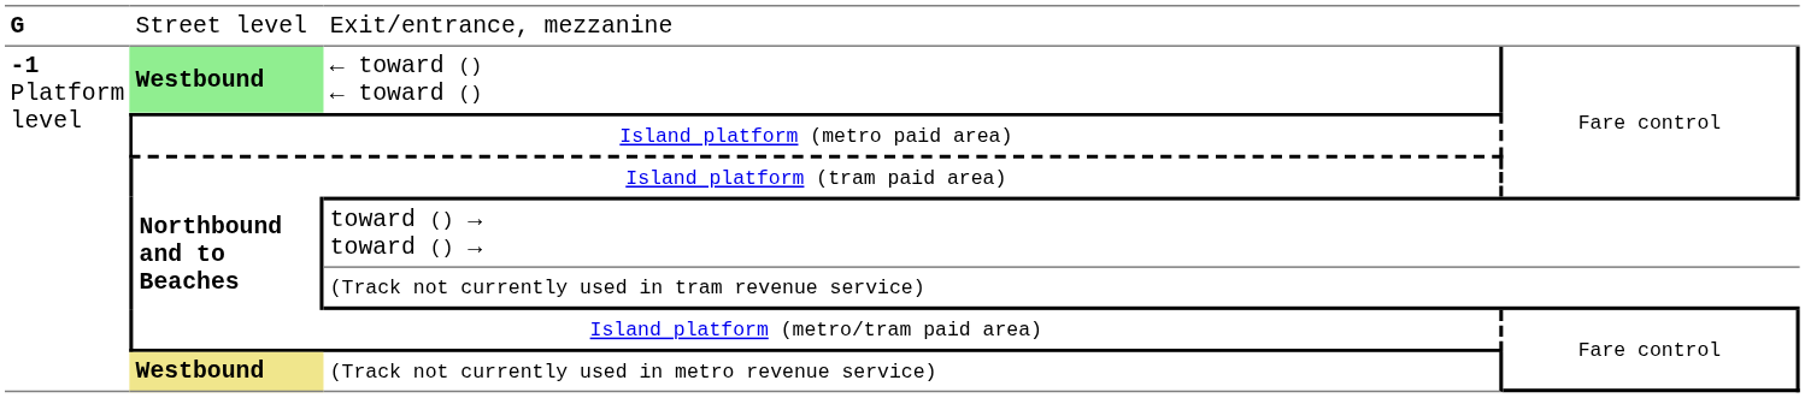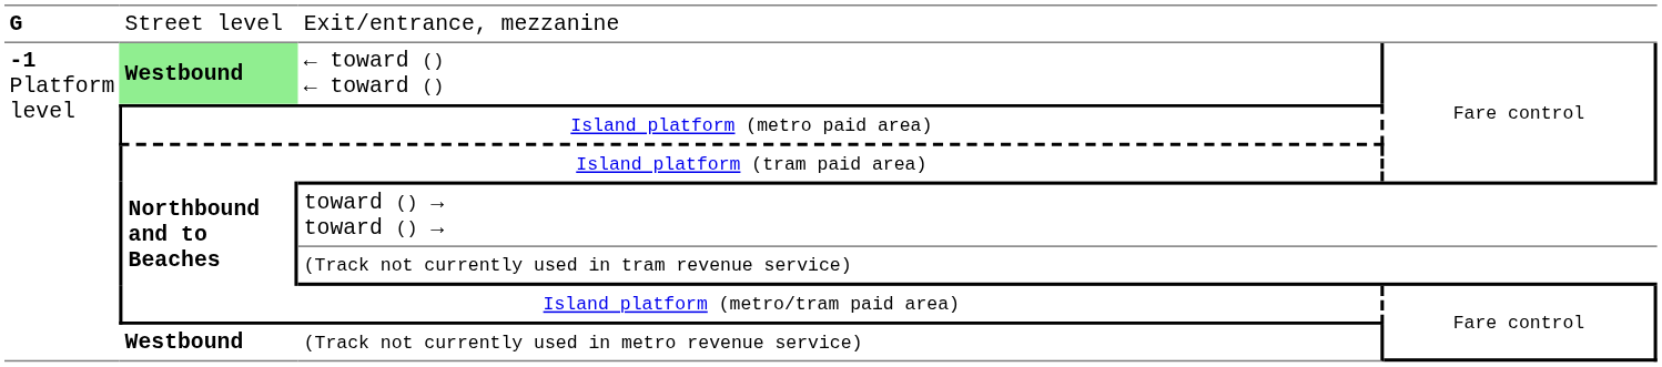 <table border=0 cellspacing=0 cellpadding=3>
 <tr>
 <td style="border-top:solid 1px gray;border-bottom:solid 1px gray;" width=50><strong>G</strong></td>
 <td style="border-top:solid 1px gray;border-bottom:solid 1px gray;" width=100>Street level</td>
 <td style="border-top:solid 1px gray;border-bottom:solid 1px gray;" width=800 colspan=2>Exit/entrance, mezzanine</td>
 </tr>
 <tr>
 <td style="border-bottom:solid 1px gray;" rowspan=7 valign=top><strong>-1</strong><br>Platform level</td>
 <td style="background: lightgreen;"><strong>Westbound</strong></td>
 <td style="border-right:solid 2px black;">←  toward  <small>()</small><br>←  toward  <small>()</small></td>
 <td style="border-right:solid 2px black;text-align:center;" rowspan=3><small>Fare control</small></td>
 </tr>
 <tr>
 <td style="border-top:solid 2px black;border-left:solid 2px black;border-bottom:dashed 2px black;border-right:dashed 2px black;text-align:center;" colspan=2><small><a href='#'>Island platform</a>  (metro paid area)</small></td>
 </tr>
 <tr>
 <td style="border-left:solid 2px black;text-align:center;border-right:dashed 2px black;" colspan=2><small><a href='#'>Island platform</a>  (tram paid area)</small></td>
 </tr>
 <tr>
 <td style="border-left:solid 2px black;border-right:solid 2px black;" rowspan=2><strong>Northbound and to Beaches</strong></td>
 <td style="border-bottom:solid 1px gray;border-top:solid 2px black;" colspan=2>  toward  <small>()</small> → <br>  toward  <small>()</small> →</td>
 </tr>
 <tr>
 <td style="border-bottom:solid 2px black;" colspan=2> <small>(Track not currently used in tram revenue service)</small></td>
 </tr>
 <tr>
 <td style="border-left:solid 2px black;border-bottom:solid 2px black;border-right:dashed 2px black;text-align:center;" colspan=2><small><a href='#'>Island platform</a>  (metro/tram paid area)</small></td>
 <td style="border-right:solid 2px black;border-bottom:solid 2px black;text-align:center;" rowspan=2><small>Fare control</small></td>
 </tr>
 <tr>
-<td style="background: khaki; border-bottom:solid 1px gray;"><strong>Westbound</strong></td>
+<td style="border-bottom:solid 1px gray;"><strong>Westbound</strong></td>
 <td style="border-right:solid 2px black;border-bottom:solid 1px gray;"> <small>(Track not currently used in metro revenue service)</small></td>
 </tr>
 <tr>
 </tr>
 </table>
